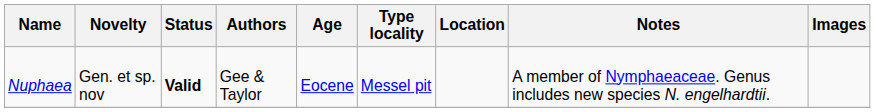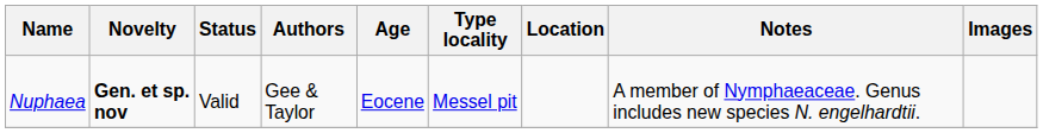 <table class="wikitable sortable" align="center" width="100%">
 <tr>
 <th>Name</th>
 <th>Novelty</th>
 <th>Status</th>
 <th>Authors</th>
 <th>Age</th>
 <th>Type locality</th>
 <th>Location</th>
 <th>Notes</th>
 <th>Images</th>
 </tr>
 <tr>
 <td><br><em><a href='#'>Nuphaea</a></em></td>
-<td><br>Gen. et sp. nov</td>
-<td><strong><br>Valid</strong></td>
+<td><strong><br>Gen. et sp. nov</strong></td>
+<td><br>Valid</td>
 <td><br>Gee & Taylor</td>
 <td><br><a href='#'>Eocene</a></td>
 <td><br><a href='#'>Messel pit</a></td>
 <td><br></td>
 <td><br>A member of <a href='#'>Nymphaeaceae</a>. Genus includes new species <em>N. engelhardtii</em>.</td>
 <td></td>
 </tr>
 <tr>
 </tr>
 </table>
